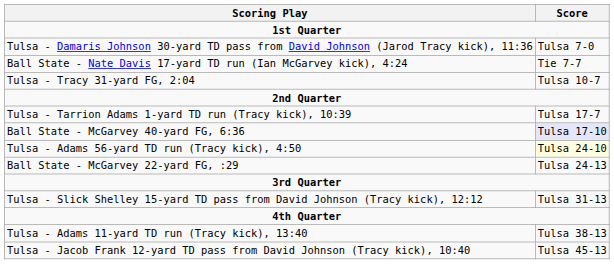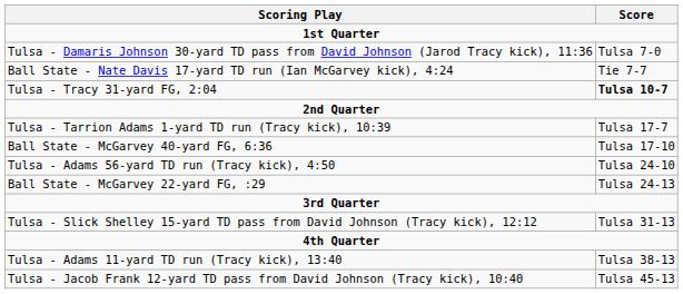 <table class="wikitable">
 <tr>
 <th>Scoring Play</th>
 <th>Score</th>
 </tr>
 <tr>
 <td colspan="4" align="center"><strong>1st Quarter</strong></td>
 </tr>
 <tr>
 <td>Tulsa - <a href='#'>Damaris Johnson</a> 30-yard TD pass from <a href='#'>David Johnson</a> (Jarod Tracy kick), 11:36</td>
 <td>Tulsa 7-0</td>
 </tr>
 <tr>
 <td>Ball State - <a href='#'>Nate Davis</a> 17-yard TD run (Ian McGarvey kick), 4:24</td>
 <td>Tie 7-7</td>
 </tr>
 <tr>
 <td>Tulsa - Tracy 31-yard FG, 2:04</td>
-<td>Tulsa 10-7</td>
+<td><strong>Tulsa 10-7</strong></td>
 </tr>
 <tr>
 <td colspan="4" align="center"><strong>2nd Quarter</strong></td>
 </tr>
 <tr>
 <td>Tulsa - Tarrion Adams 1-yard TD run (Tracy kick), 10:39</td>
 <td>Tulsa 17-7</td>
 </tr>
 <tr>
 <td>Ball State - McGarvey 40-yard FG, 6:36</td>
-<td style="background: lavender;">Tulsa 17-10</td>
+<td>Tulsa 17-10</td>
 </tr>
 <tr>
 <td>Tulsa - Adams 56-yard TD run (Tracy kick), 4:50</td>
-<td style="background: lightyellow;">Tulsa 24-10</td>
+<td>Tulsa 24-10</td>
 </tr>
 <tr>
 <td>Ball State - McGarvey 22-yard FG, :29</td>
 <td>Tulsa 24-13</td>
 </tr>
 <tr>
 <td colspan="4" align="center"><strong>3rd Quarter</strong></td>
 </tr>
 <tr>
 <td>Tulsa - Slick Shelley 15-yard TD pass from David Johnson (Tracy kick), 12:12</td>
 <td>Tulsa 31-13</td>
 </tr>
 <tr>
 <td colspan="4" align="center"><strong>4th Quarter</strong></td>
 </tr>
 <tr>
 <td>Tulsa - Adams 11-yard TD run (Tracy kick), 13:40</td>
 <td>Tulsa 38-13</td>
 </tr>
 <tr>
 <td>Tulsa - Jacob Frank 12-yard TD pass from David Johnson (Tracy kick), 10:40</td>
 <td>Tulsa 45-13</td>
 </tr>
 </table>
